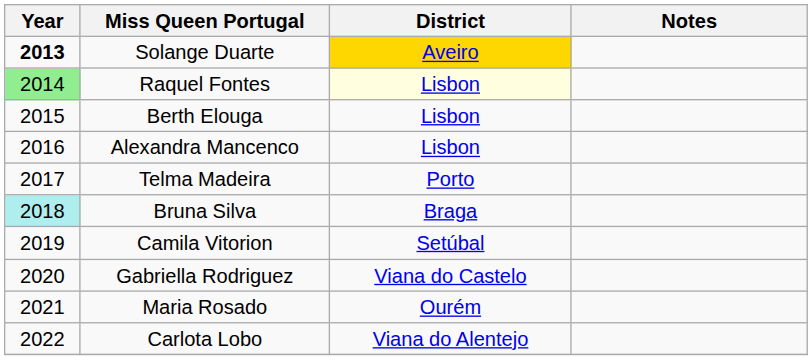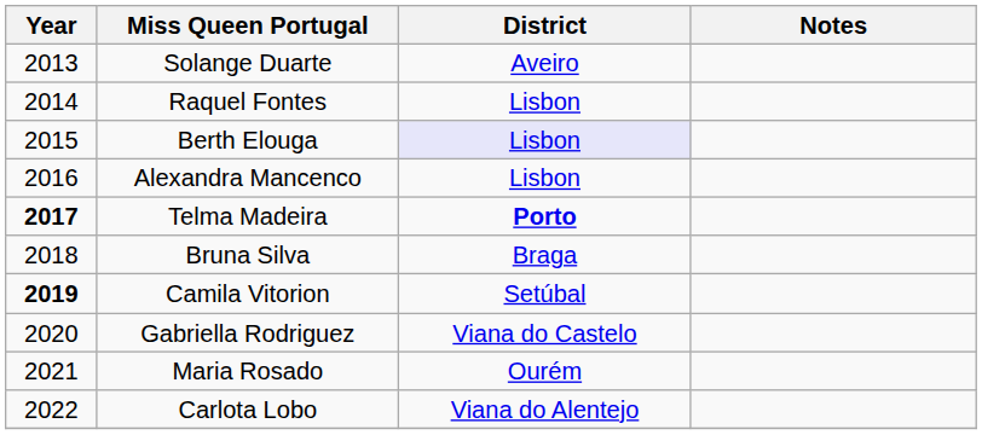 <table class="wikitable sortable" style="font-size: 95%; text-align:center">
 <tr>
 <th width="60">Year</th>
 <th width="250">Miss Queen Portugal</th>
 <th width="250">District</th>
 <th width="250">Notes</th>
 </tr>
 <tr>
-<td><strong>2013</strong></td>
+<td>2013</td>
 <td>Solange Duarte</td>
-<td style="background: gold;"><a href='#'>Aveiro</a></td>
+<td><a href='#'>Aveiro</a></td>
 <td></td>
 </tr>
 <tr>
-<td style="background: lightgreen;">2014</td>
+<td>2014</td>
 <td>Raquel Fontes</td>
-<td style="background: lightyellow;"><a href='#'>Lisbon</a></td>
+<td><a href='#'>Lisbon</a></td>
 <td></td>
 </tr>
 <tr>
 <td>2015</td>
 <td>Berth Elouga</td>
-<td><a href='#'>Lisbon</a></td>
+<td style="background: lavender;"><a href='#'>Lisbon</a></td>
 <td></td>
 </tr>
 <tr>
 <td>2016</td>
 <td>Alexandra Mancenco</td>
 <td><a href='#'>Lisbon</a></td>
 <td></td>
 </tr>
 <tr>
-<td>2017</td>
+<td><strong>2017</strong></td>
 <td>Telma Madeira</td>
-<td><a href='#'>Porto</a></td>
+<td><strong><a href='#'>Porto</a></strong></td>
 <td></td>
 </tr>
 <tr>
-<td style="background: paleturquoise;">2018</td>
+<td>2018</td>
 <td>Bruna Silva</td>
 <td><a href='#'>Braga</a></td>
 <td></td>
 </tr>
 <tr>
-<td>2019</td>
+<td><strong>2019</strong></td>
 <td>Camila Vitorion</td>
 <td><a href='#'>Setúbal</a></td>
 <td></td>
 </tr>
 <tr>
 <td>2020</td>
 <td>Gabriella Rodriguez</td>
 <td><a href='#'>Viana do Castelo</a></td>
 <td></td>
 </tr>
 <tr>
 <td>2021</td>
 <td>Maria Rosado</td>
 <td><a href='#'>Ourém</a></td>
 <td></td>
 </tr>
 <tr>
 <td>2022</td>
 <td>Carlota Lobo</td>
 <td><a href='#'>Viana do Alentejo</a></td>
 <td></td>
 </tr>
 <tr>
 </tr>
 </table>
